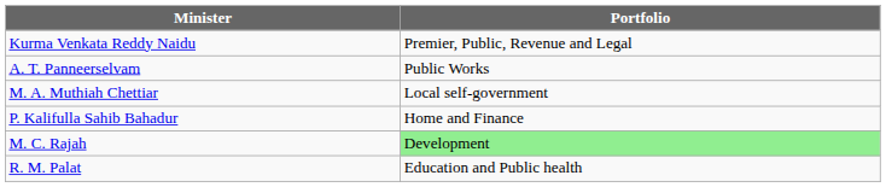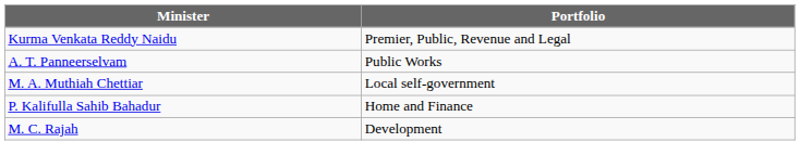 <table class="wikitable" width="70%" style="font-size: x-big; font-family: verdana">
 <tr>
 <th style="background-color:#666666; color:white">Minister</th>
 <th style="background-color:#666666; color:white">Portfolio</th>
 </tr>
 <tr -->
 <td><a href='#'>Kurma Venkata Reddy Naidu</a></td>
 <td>Premier, Public, Revenue and Legal</td>
 </tr>
 <tr -->
 <td><a href='#'>A. T. Panneerselvam</a></td>
 <td>Public Works</td>
 </tr>
 <tr -->
 <td><a href='#'>M. A. Muthiah Chettiar</a></td>
 <td>Local self-government</td>
 </tr>
 <tr -->
 <td><a href='#'>P. Kalifulla Sahib Bahadur</a></td>
 <td>Home and Finance</td>
 </tr>
 <tr -->
 <td><a href='#'>M. C. Rajah</a></td>
-<td style="background: lightgreen;">Development</td>
-</tr>
-<tr -->
-<td><a href='#'>R. M. Palat</a></td>
-<td>Education and Public health</td>
+<td>Development</td>
 </tr>
 </table>
